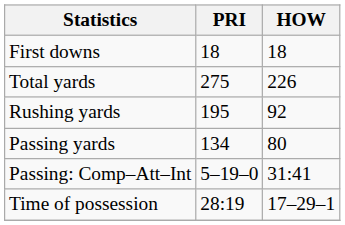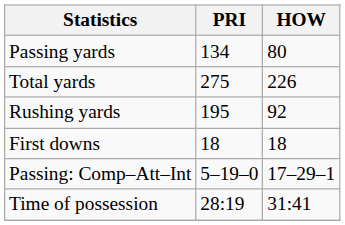 <table class="wikitable" style="float: left;">
 <tr>
 <th>Statistics</th>
 <th>PRI</th>
 <th>HOW</th>
 </tr>
 <tr>
-<td>First downs</td>
-<td>18</td>
-<td>18</td>
+<td>Passing yards</td>
+<td>134</td>
+<td>80</td>
 </tr>
 <tr>
 <td>Total yards</td>
 <td>275</td>
 <td>226</td>
 </tr>
 <tr>
 <td>Rushing yards</td>
 <td>195</td>
 <td>92</td>
 </tr>
 <tr>
-<td>Passing yards</td>
-<td>134</td>
-<td>80</td>
+<td>First downs</td>
+<td>18</td>
+<td>18</td>
 </tr>
 <tr>
 <td>Passing: Comp–Att–Int</td>
 <td>5–19–0</td>
-<td>31:41</td>
+<td>17–29–1</td>
 </tr>
 <tr>
 <td>Time of possession</td>
 <td>28:19</td>
-<td>17–29–1</td>
+<td>31:41</td>
 </tr>
 <tr>
 </tr>
 </table>
